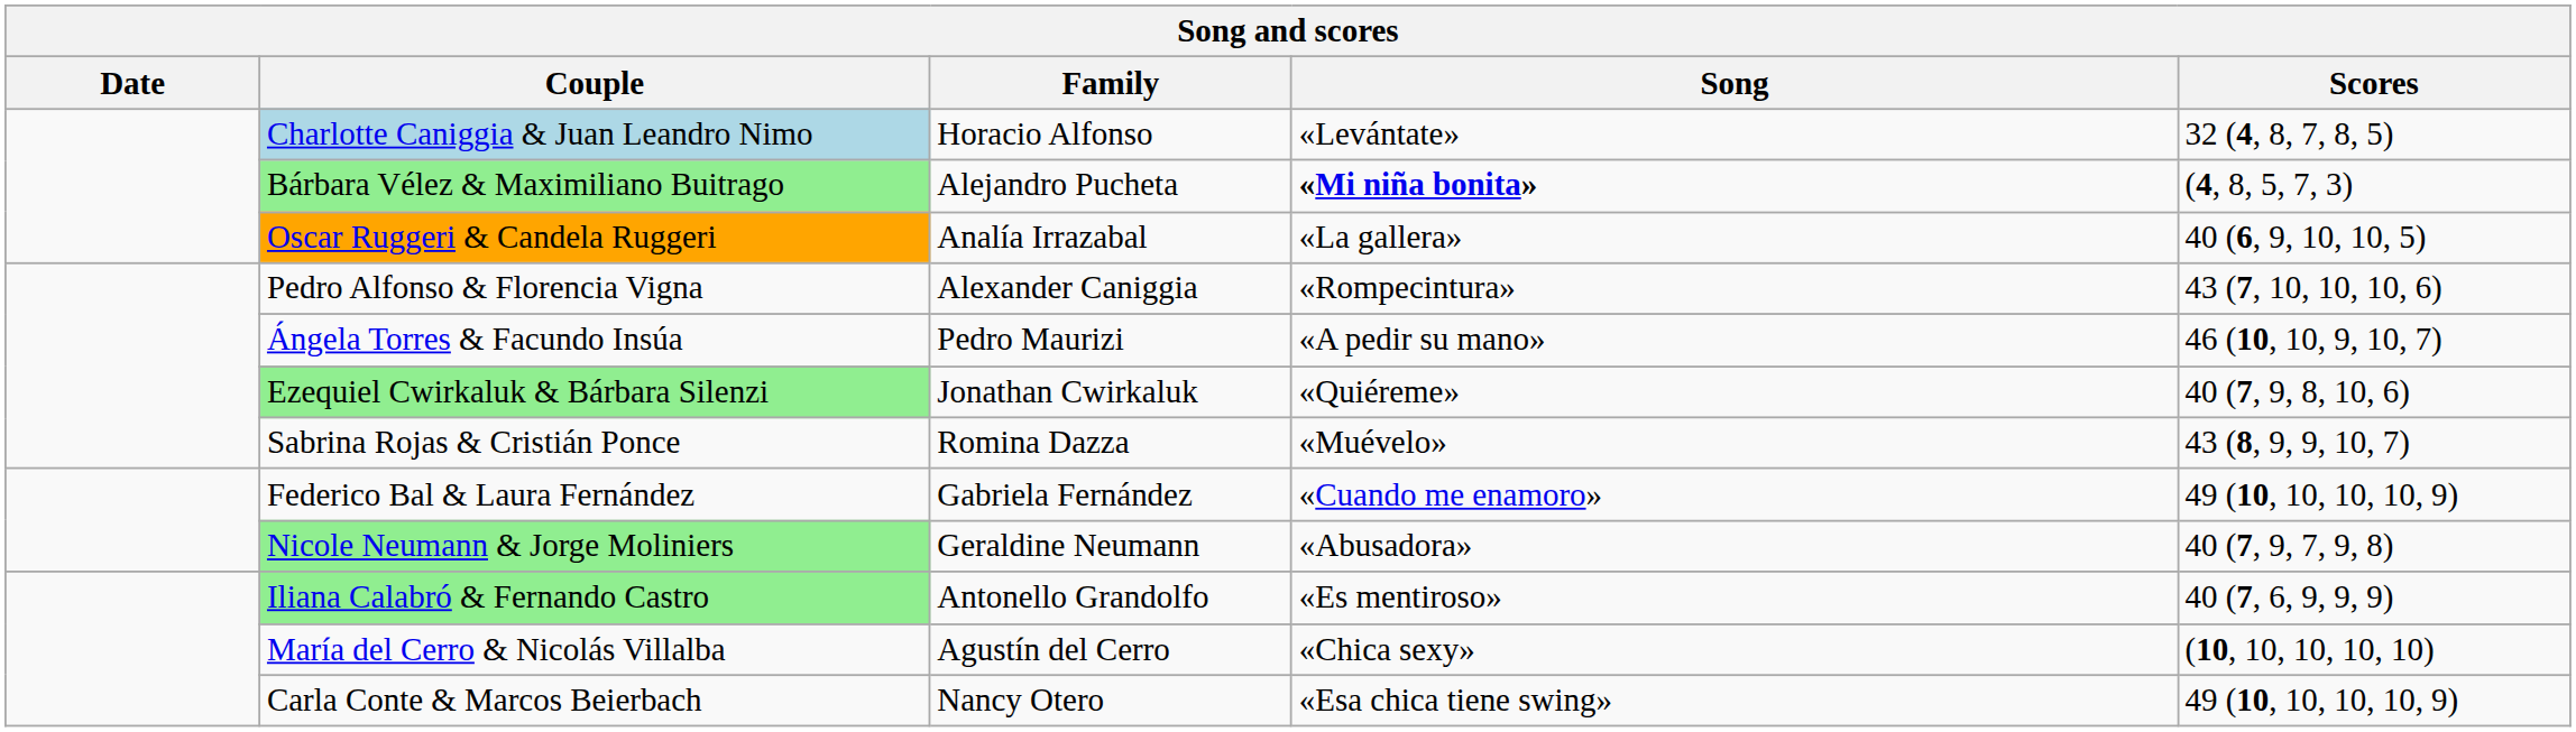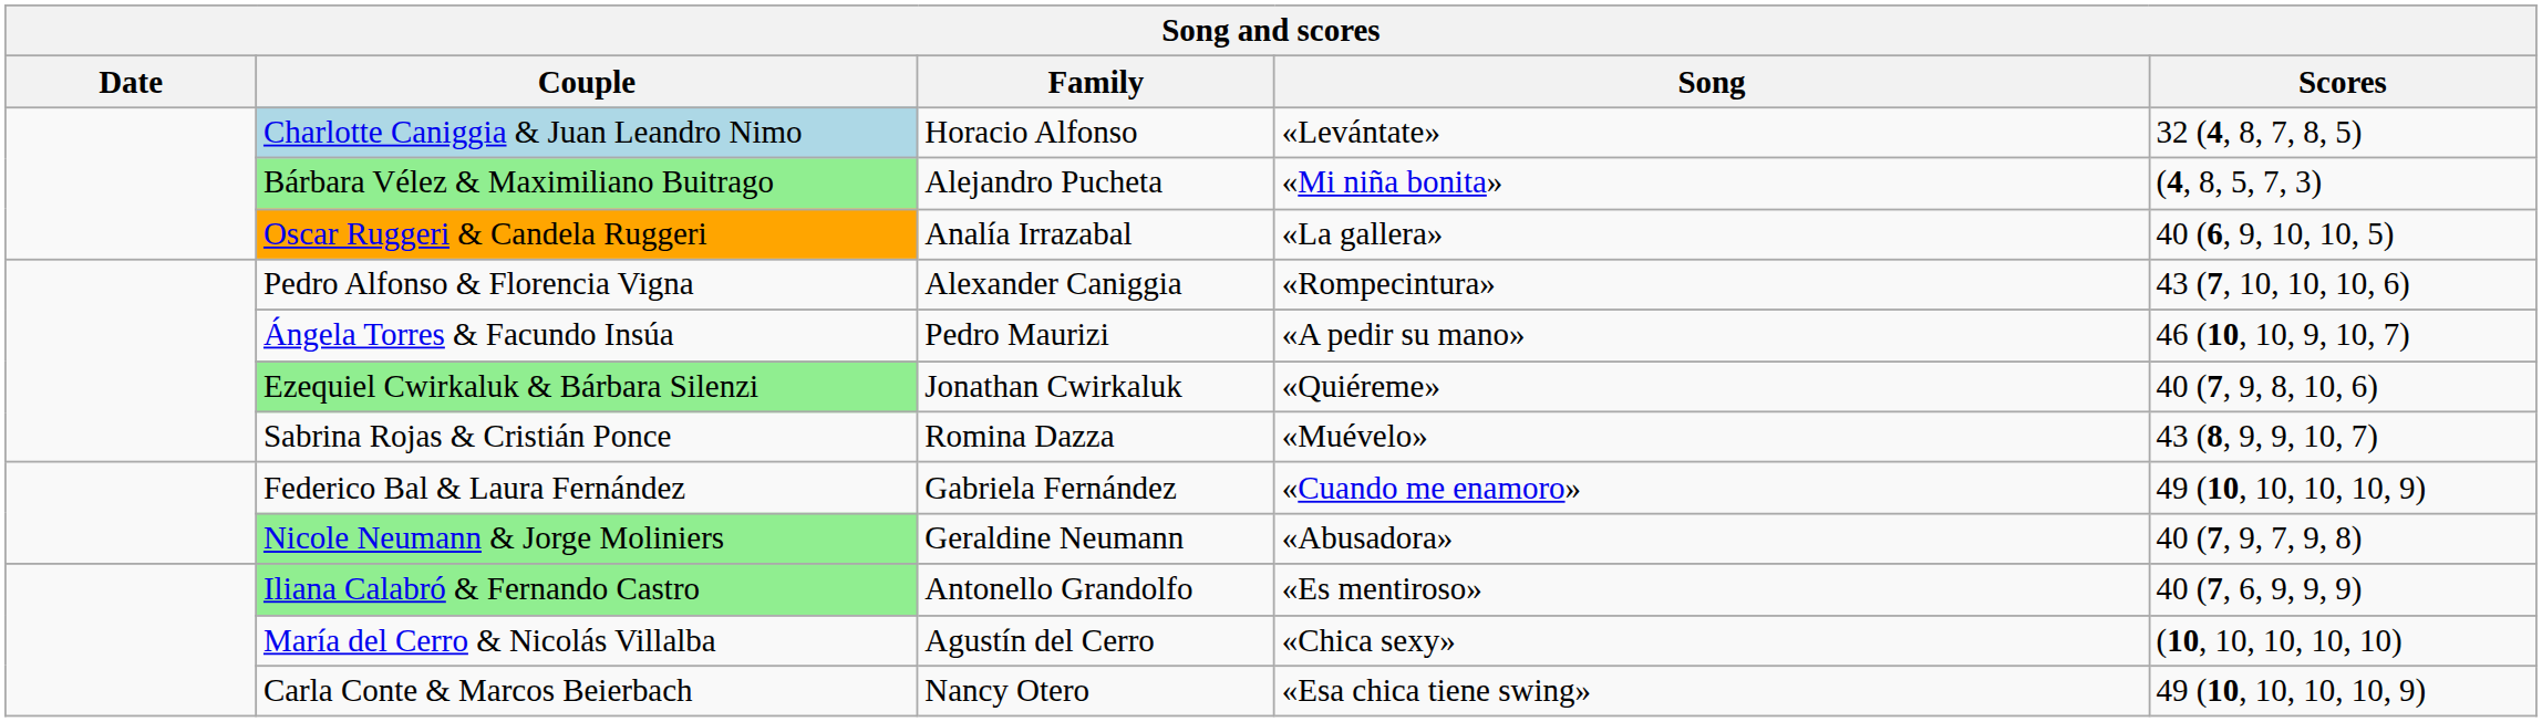 <table class="wikitable collapsible collapsed" style=" text-align: align; width: 100%;">
 <tr>
 <th colspan="11" style="with: 100%;" align="center">Song and scores</th>
 </tr>
 <tr>
 <th width=75>Date</th>
 <th width=210>Couple</th>
 <th width=110>Family<br></th>
 <th width=280>Song</th>
 <th width=120>Scores</th>
 </tr>
 <tr>
 <td rowspan="3"></td>
 <td bgcolor="lightblue"><a href='#'>Charlotte Caniggia</a> & Juan Leandro Nimo</td>
 <td>Horacio Alfonso<br></td>
 <td>«Levántate» </td>
 <td>32 (<strong>4</strong>, 8, 7, 8, 5)</td>
 </tr>
 <tr>
 <td bgcolor="lightgreen">Bárbara Vélez & Maximiliano Buitrago</td>
 <td>Alejandro Pucheta<br></td>
-<td><strong>«<a href='#'>Mi niña bonita</a>» </strong></td>
+<td>«<a href='#'>Mi niña bonita</a>» </td>
 <td> (<strong>4</strong>, 8, 5, 7, 3)</td>
 </tr>
 <tr>
 <td bgcolor="orange"><a href='#'>Oscar Ruggeri</a> & Candela Ruggeri</td>
 <td>Analía Irrazabal<br></td>
 <td>«La gallera» </td>
 <td>40 (<strong>6</strong>, 9, 10, 10, 5)</td>
 </tr>
 <tr>
 <td rowspan="4"></td>
 <td bgcolor="">Pedro Alfonso & Florencia Vigna</td>
 <td>Alexander Caniggia<br></td>
 <td>«Rompecintura» </td>
 <td>43 (<strong>7</strong>, 10, 10, 10, 6)</td>
 </tr>
 <tr>
 <td bgcolor=""><a href='#'>Ángela Torres</a> & Facundo Insúa</td>
 <td>Pedro Maurizi<br></td>
 <td>«A pedir su mano» </td>
 <td>46 (<strong>10</strong>, 10, 9, 10, 7)</td>
 </tr>
 <tr>
 <td bgcolor="lightgreen">Ezequiel Cwirkaluk & Bárbara Silenzi</td>
 <td>Jonathan Cwirkaluk<br></td>
 <td>«Quiéreme» </td>
 <td>40 (<strong>7</strong>, 9, 8, 10, 6)</td>
 </tr>
 <tr>
 <td bgcolor="">Sabrina Rojas & Cristián Ponce</td>
 <td>Romina Dazza<br></td>
 <td>«Muévelo» </td>
 <td>43 (<strong>8</strong>, 9, 9, 10, 7)</td>
 </tr>
 <tr>
 <td rowspan="2"></td>
 <td bgcolor="">Federico Bal & Laura Fernández</td>
 <td>Gabriela Fernández<br></td>
 <td>«<a href='#'>Cuando me enamoro</a>» </td>
 <td>49 (<strong>10</strong>, 10, 10, 10, 9)</td>
 </tr>
 <tr>
 <td bgcolor="lightgreen"><a href='#'>Nicole Neumann</a> & Jorge Moliniers</td>
 <td>Geraldine Neumann<br></td>
 <td>«Abusadora» </td>
 <td>40 (<strong>7</strong>, 9, 7, 9, 8)</td>
 </tr>
 <tr>
 <td rowspan="3"></td>
 <td bgcolor="lightgreen"><a href='#'>Iliana Calabró</a> & Fernando Castro</td>
 <td>Antonello Grandolfo<br></td>
 <td>«Es mentiroso» </td>
 <td>40 (<strong>7</strong>, 6, 9, 9, 9)</td>
 </tr>
 <tr>
 <td bgcolor=""><a href='#'>María del Cerro</a> & Nicolás Villalba</td>
 <td>Agustín del Cerro<br></td>
 <td>«Chica sexy» </td>
 <td> (<strong>10</strong>, 10, 10, 10, 10)</td>
 </tr>
 <tr>
 <td bgcolor="">Carla Conte & Marcos Beierbach</td>
 <td>Nancy Otero<br></td>
 <td>«Esa chica tiene swing» </td>
 <td>49 (<strong>10</strong>, 10, 10, 10, 9)</td>
 </tr>
 </table>
